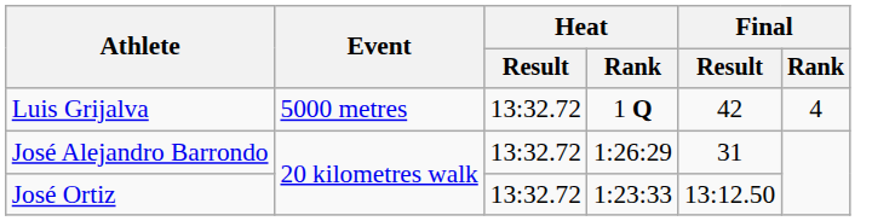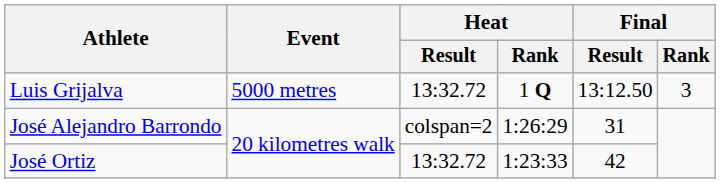 <table class="wikitable" style="font-size:90%">
 <tr>
 <th rowspan="2">Athlete</th>
 <th rowspan="2">Event</th>
 <th colspan="2">Heat</th>
 <th colspan="2">Final</th>
 </tr>
 <tr style="font-size:95%">
 <th>Result</th>
 <th>Rank</th>
 <th>Result</th>
 <th>Rank</th>
 </tr>
 <tr align=center>
 <td align=left><a href='#'>Luis Grijalva</a></td>
 <td align=left><a href='#'>5000 metres</a></td>
 <td>13:32.72</td>
 <td>1 <strong>Q</strong></td>
-<td>42</td>
-<td>4</td>
+<td>13:12.50</td>
+<td>3</td>
 </tr>
 <tr align=center>
 <td align=left><a href='#'>José Alejandro Barrondo</a></td>
 <td align=left rowspan=2><a href='#'>20 kilometres walk</a></td>
-<td>13:32.72</td>
+<td>colspan=2</td>
 <td>1:26:29</td>
 <td>31</td>
 </tr>
 <tr align=center>
 <td align=left><a href='#'>José Ortiz</a></td>
 <td>13:32.72</td>
 <td>1:23:33</td>
-<td>13:12.50</td>
+<td>42</td>
 </tr>
 </table>
